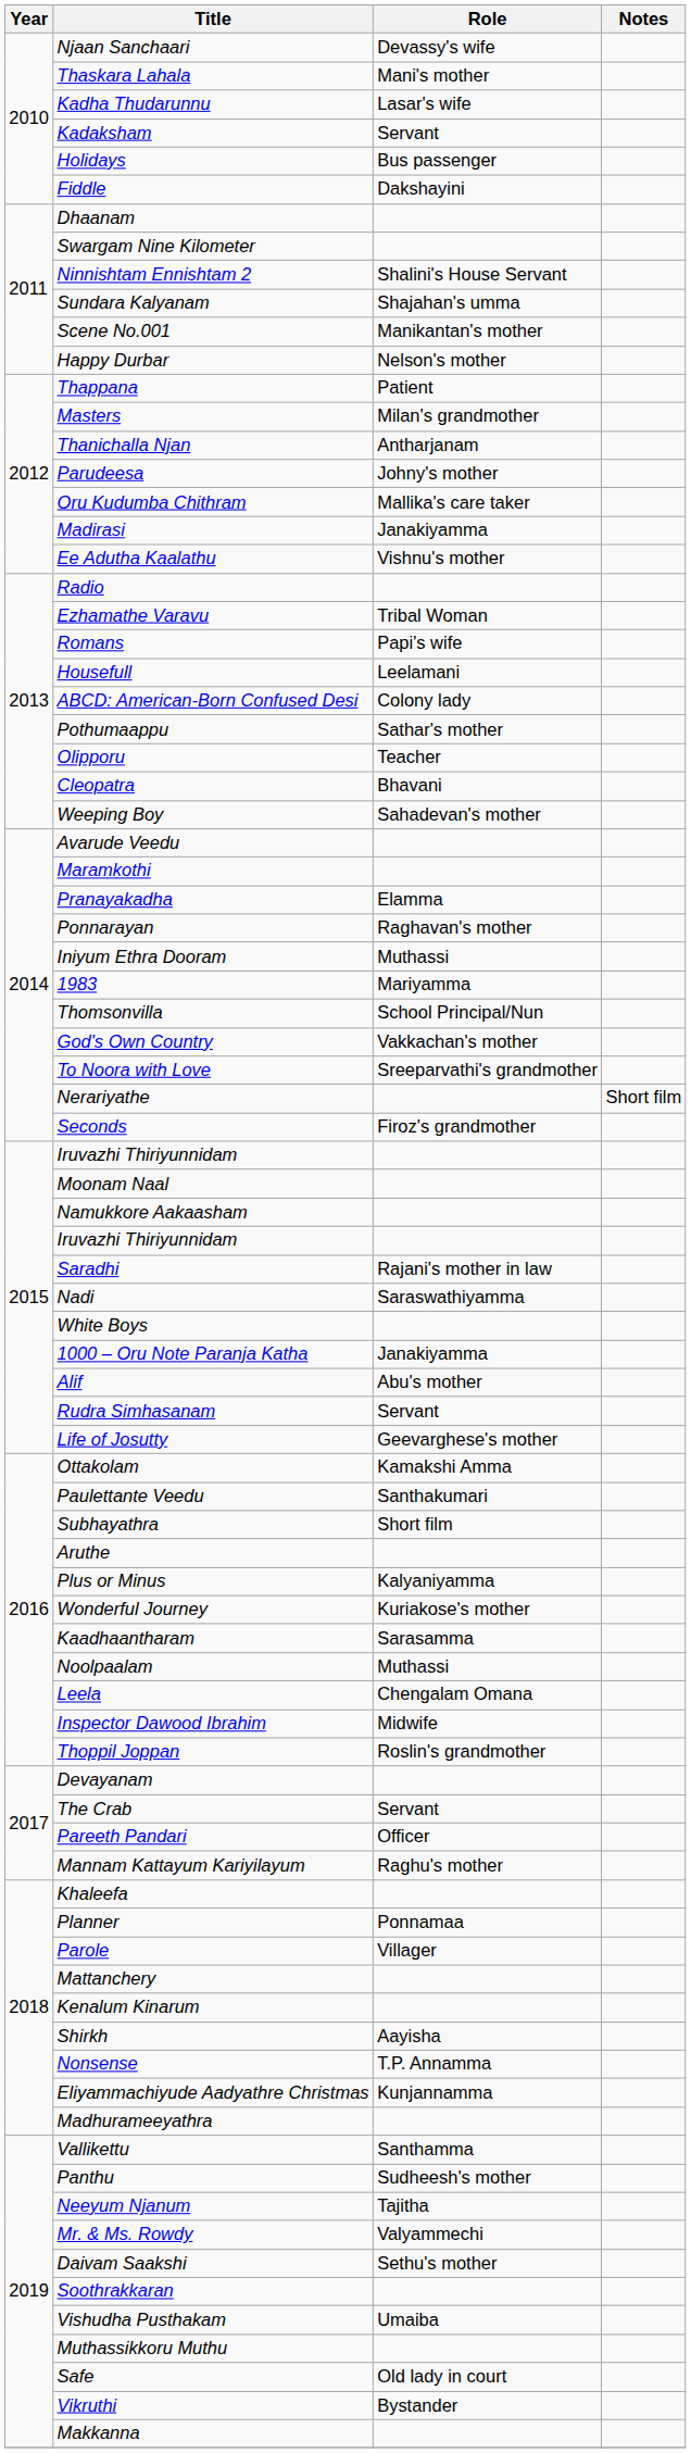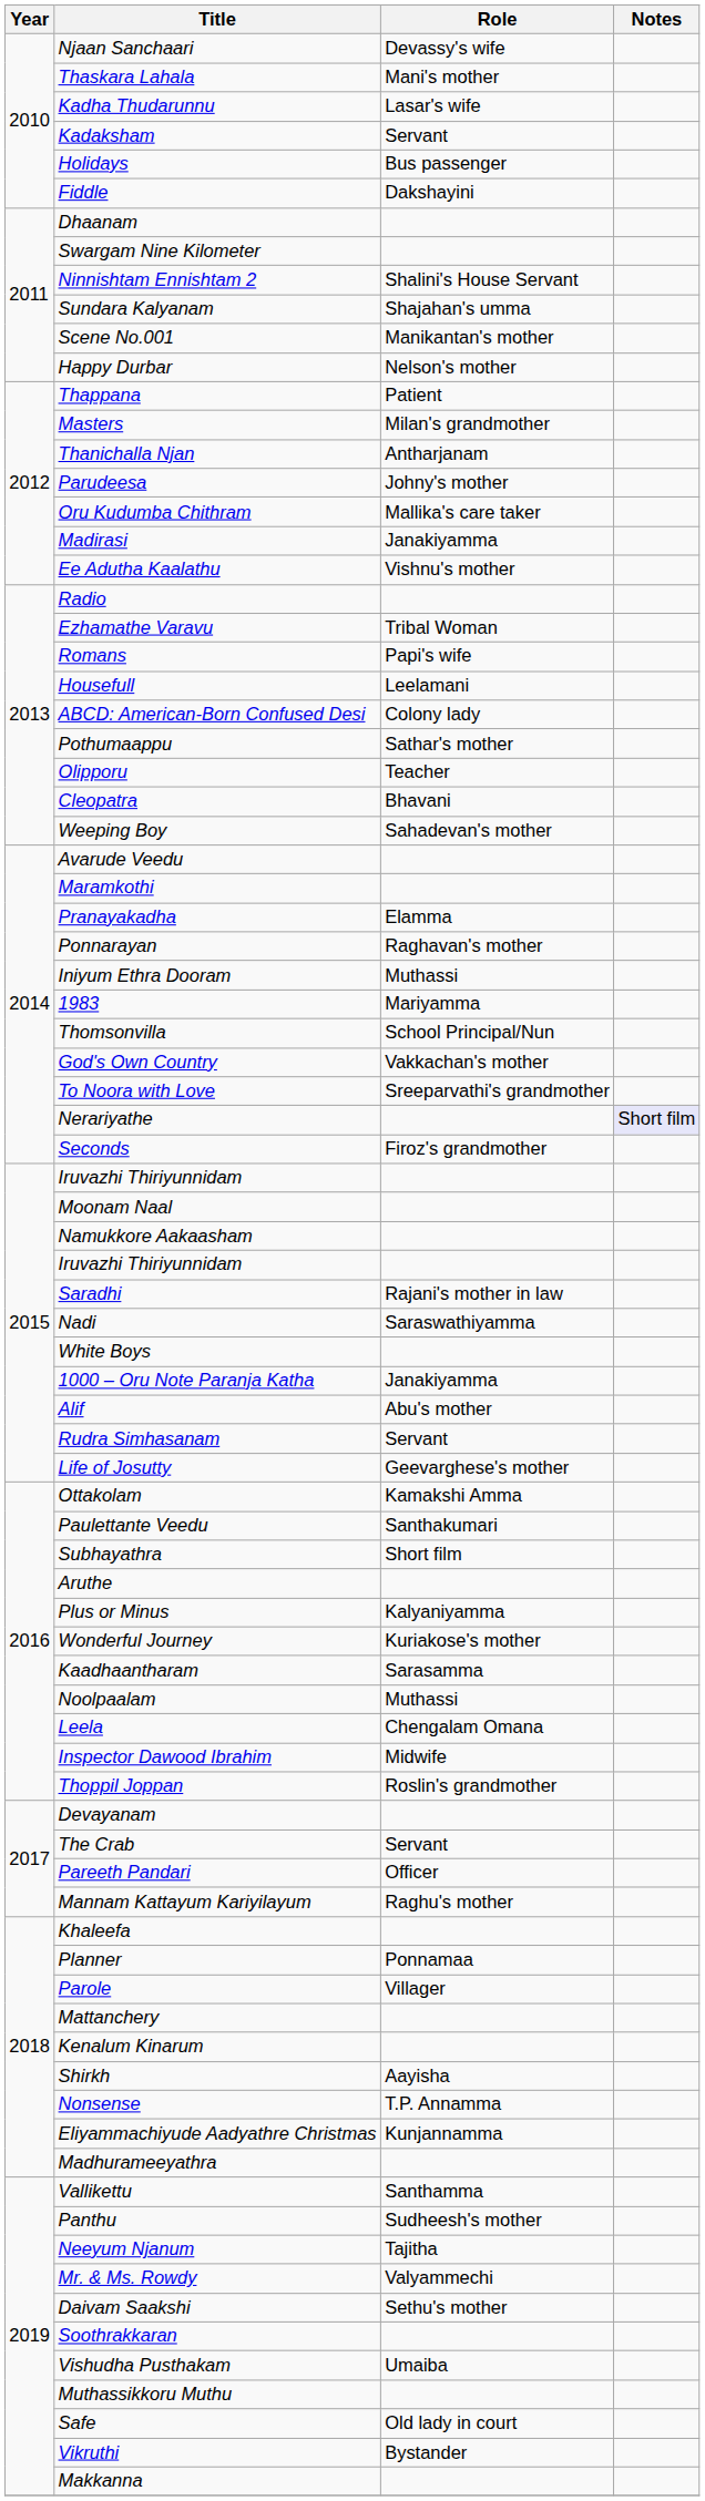 <table class="wikitable sortable">
 <tr>
 <th>Year</th>
 <th>Title</th>
 <th>Role</th>
 <th class="unsortable">Notes</th>
 </tr>
 <tr>
 <td rowspan=6>2010</td>
 <td><em>Njaan Sanchaari</em></td>
 <td>Devassy's wife</td>
 <td></td>
 </tr>
 <tr>
 <td><em><a href='#'>Thaskara Lahala</a></em></td>
 <td>Mani's mother</td>
 <td></td>
 </tr>
 <tr>
 <td><em><a href='#'>Kadha Thudarunnu</a></em></td>
 <td>Lasar's wife</td>
 <td></td>
 </tr>
 <tr>
 <td><em><a href='#'>Kadaksham</a></em></td>
 <td>Servant</td>
 <td></td>
 </tr>
 <tr>
 <td><em><a href='#'>Holidays</a></em></td>
 <td>Bus passenger</td>
 <td></td>
 </tr>
 <tr>
 <td><em><a href='#'>Fiddle</a></em></td>
 <td>Dakshayini</td>
 <td></td>
 </tr>
 <tr>
 <td rowspan=6>2011</td>
 <td><em>Dhaanam</em></td>
 <td></td>
 <td></td>
 </tr>
 <tr>
 <td><em>Swargam Nine Kilometer</em></td>
 <td></td>
 <td></td>
 </tr>
 <tr>
 <td><em><a href='#'>Ninnishtam Ennishtam 2</a></em></td>
 <td>Shalini's House Servant</td>
 <td></td>
 </tr>
 <tr>
 <td><em>Sundara Kalyanam</em></td>
 <td>Shajahan's umma</td>
 <td></td>
 </tr>
 <tr>
 <td><em>Scene No.001</em></td>
 <td>Manikantan's mother</td>
 <td></td>
 </tr>
 <tr>
 <td><em>Happy Durbar</em></td>
 <td>Nelson's mother</td>
 <td></td>
 </tr>
 <tr>
 <td rowspan=7>2012</td>
 <td><em><a href='#'>Thappana</a></em></td>
 <td>Patient</td>
 <td></td>
 </tr>
 <tr>
 <td><em><a href='#'>Masters</a></em></td>
 <td>Milan's grandmother</td>
 <td></td>
 </tr>
 <tr>
 <td><em><a href='#'>Thanichalla Njan</a></em></td>
 <td>Antharjanam</td>
 <td></td>
 </tr>
 <tr>
 <td><em><a href='#'>Parudeesa</a></em></td>
 <td>Johny's mother</td>
 <td></td>
 </tr>
 <tr>
 <td><em><a href='#'>Oru Kudumba Chithram</a></em></td>
 <td>Mallika's care taker</td>
 <td></td>
 </tr>
 <tr>
 <td><em><a href='#'>Madirasi</a></em></td>
 <td>Janakiyamma</td>
 <td></td>
 </tr>
 <tr>
 <td><em><a href='#'>Ee Adutha Kaalathu</a></em></td>
 <td>Vishnu's mother</td>
 <td></td>
 </tr>
 <tr>
 <td rowspan=9>2013</td>
 <td><em><a href='#'>Radio</a></em></td>
 <td></td>
 <td></td>
 </tr>
 <tr>
 <td><em><a href='#'>Ezhamathe Varavu</a></em></td>
 <td>Tribal Woman</td>
 <td></td>
 </tr>
 <tr>
 <td><em><a href='#'>Romans</a></em></td>
 <td>Papi's wife</td>
 <td></td>
 </tr>
 <tr>
 <td><em><a href='#'>Housefull</a></em></td>
 <td>Leelamani</td>
 <td></td>
 </tr>
 <tr>
 <td><em><a href='#'>ABCD: American-Born Confused Desi</a></em></td>
 <td>Colony lady</td>
 <td></td>
 </tr>
 <tr>
 <td><em>Pothumaappu</em></td>
 <td>Sathar's mother</td>
 <td></td>
 </tr>
 <tr>
 <td><em><a href='#'>Olipporu</a></em></td>
 <td>Teacher</td>
 <td></td>
 </tr>
 <tr>
 <td><em><a href='#'>Cleopatra</a></em></td>
 <td>Bhavani</td>
 <td></td>
 </tr>
 <tr>
 <td><em>Weeping Boy</em></td>
 <td>Sahadevan's mother</td>
 <td></td>
 </tr>
 <tr>
 <td rowspan=11>2014</td>
 <td><em>Avarude Veedu</em></td>
 <td></td>
 <td></td>
 </tr>
 <tr>
 <td><em><a href='#'>Maramkothi</a></em></td>
 <td></td>
 <td></td>
 </tr>
 <tr>
 <td><em><a href='#'>Pranayakadha</a></em></td>
 <td>Elamma</td>
 <td></td>
 </tr>
 <tr>
 <td><em>Ponnarayan</em></td>
 <td>Raghavan's mother</td>
 <td></td>
 </tr>
 <tr>
 <td><em>Iniyum Ethra Dooram</em></td>
 <td>Muthassi</td>
 <td></td>
 </tr>
 <tr>
 <td><em><a href='#'>1983</a></em></td>
 <td>Mariyamma</td>
 <td></td>
 </tr>
 <tr>
 <td><em>Thomsonvilla</em></td>
 <td>School Principal/Nun</td>
 <td></td>
 </tr>
 <tr>
 <td><em><a href='#'>God's Own Country</a></em></td>
 <td>Vakkachan's mother</td>
 <td></td>
 </tr>
 <tr>
 <td><em><a href='#'>To Noora with Love</a></em></td>
 <td>Sreeparvathi's grandmother</td>
 <td></td>
 </tr>
 <tr>
 <td><em>Nerariyathe</em></td>
 <td></td>
-<td>Short film</td>
+<td style="background: lavender;">Short film</td>
 </tr>
 <tr>
 <td><em><a href='#'>Seconds</a></em></td>
 <td>Firoz's grandmother</td>
 <td></td>
 </tr>
 <tr>
 <td rowspan=11>2015</td>
 <td><em>Iruvazhi Thiriyunnidam</em></td>
 <td></td>
 <td></td>
 </tr>
 <tr>
 <td><em>Moonam Naal</em></td>
 <td></td>
 <td></td>
 </tr>
 <tr>
 <td><em>Namukkore Aakaasham</em></td>
 <td></td>
 <td></td>
 </tr>
 <tr>
 <td><em>Iruvazhi Thiriyunnidam</em></td>
 <td></td>
 <td></td>
 </tr>
 <tr>
 <td><em><a href='#'>Saradhi</a></em></td>
 <td>Rajani's mother in law</td>
 <td></td>
 </tr>
 <tr>
 <td><em>Nadi</em></td>
 <td>Saraswathiyamma</td>
 <td></td>
 </tr>
 <tr>
 <td><em>White Boys</em></td>
 <td></td>
 <td></td>
 </tr>
 <tr>
 <td><em><a href='#'>1000 – Oru Note Paranja Katha</a></em></td>
 <td>Janakiyamma</td>
 <td></td>
 </tr>
 <tr>
 <td><em><a href='#'>Alif</a></em></td>
 <td>Abu's mother</td>
 <td></td>
 </tr>
 <tr>
 <td><em><a href='#'>Rudra Simhasanam</a></em></td>
 <td>Servant</td>
 <td></td>
 </tr>
 <tr>
 <td><em><a href='#'>Life of Josutty</a></em></td>
 <td>Geevarghese's mother</td>
 <td></td>
 </tr>
 <tr>
 <td rowspan=11>2016</td>
 <td><em>Ottakolam</em></td>
 <td>Kamakshi Amma</td>
 <td></td>
 </tr>
 <tr>
 <td><em>Paulettante Veedu</em></td>
 <td>Santhakumari</td>
 <td></td>
 </tr>
 <tr>
 <td><em>Subhayathra</em></td>
 <td>Short film</td>
 <td></td>
 </tr>
 <tr>
 <td><em>Aruthe</em></td>
 <td></td>
 <td></td>
 </tr>
 <tr>
 <td><em>Plus or Minus</em></td>
 <td>Kalyaniyamma</td>
 <td></td>
 </tr>
 <tr>
 <td><em>Wonderful Journey</em></td>
 <td>Kuriakose's mother</td>
 <td></td>
 </tr>
 <tr>
 <td><em>Kaadhaantharam</em></td>
 <td>Sarasamma</td>
 <td></td>
 </tr>
 <tr>
 <td><em>Noolpaalam</em></td>
 <td>Muthassi</td>
 <td></td>
 </tr>
 <tr>
 <td><em><a href='#'>Leela</a></em></td>
 <td>Chengalam Omana</td>
 <td></td>
 </tr>
 <tr>
 <td><em><a href='#'>Inspector Dawood Ibrahim</a></em></td>
 <td>Midwife</td>
 <td></td>
 </tr>
 <tr>
 <td><em><a href='#'>Thoppil Joppan</a></em></td>
 <td>Roslin's grandmother</td>
 <td></td>
 </tr>
 <tr>
 <td rowspan=4>2017</td>
 <td><em>Devayanam</em></td>
 <td></td>
 <td></td>
 </tr>
 <tr>
 <td><em>The Crab</em></td>
 <td>Servant</td>
 <td></td>
 </tr>
 <tr>
 <td><em><a href='#'>Pareeth Pandari</a></em></td>
 <td>Officer</td>
 <td></td>
 </tr>
 <tr>
 <td><em>Mannam Kattayum Kariyilayum</em></td>
 <td>Raghu's mother</td>
 <td></td>
 </tr>
 <tr>
 <td rowspan=9>2018</td>
 <td><em>Khaleefa</em></td>
 <td></td>
 <td></td>
 </tr>
 <tr>
 <td><em>Planner</em></td>
 <td>Ponnamaa</td>
 <td></td>
 </tr>
 <tr>
 <td><em><a href='#'>Parole</a></em></td>
 <td>Villager</td>
 <td></td>
 </tr>
 <tr>
 <td><em>Mattanchery</em></td>
 <td></td>
 <td></td>
 </tr>
 <tr>
 <td><em>Kenalum Kinarum</em></td>
 <td></td>
 <td></td>
 </tr>
 <tr>
 <td><em>Shirkh</em></td>
 <td>Aayisha</td>
 <td></td>
 </tr>
 <tr>
 <td><em><a href='#'>Nonsense</a></em></td>
 <td>T.P. Annamma</td>
 <td></td>
 </tr>
 <tr>
 <td><em>Eliyammachiyude Aadyathre Christmas</em></td>
 <td>Kunjannamma</td>
 <td></td>
 </tr>
 <tr>
 <td><em>Madhurameeyathra</em></td>
 <td></td>
 <td></td>
 </tr>
 <tr>
 <td rowspan=11>2019</td>
 <td><em>Vallikettu</em></td>
 <td>Santhamma</td>
 <td></td>
 </tr>
 <tr>
 <td><em>Panthu</em></td>
 <td>Sudheesh's mother</td>
 <td></td>
 </tr>
 <tr>
 <td><em><a href='#'>Neeyum Njanum</a></em></td>
 <td>Tajitha</td>
 <td></td>
 </tr>
 <tr>
 <td><em><a href='#'>Mr. & Ms. Rowdy</a></em></td>
 <td>Valyammechi</td>
 <td></td>
 </tr>
 <tr>
 <td><em>Daivam Saakshi</em></td>
 <td>Sethu's mother</td>
 <td></td>
 </tr>
 <tr>
 <td><em><a href='#'>Soothrakkaran</a></em></td>
 <td></td>
 <td></td>
 </tr>
 <tr>
 <td><em>Vishudha Pusthakam</em></td>
 <td>Umaiba</td>
 <td></td>
 </tr>
 <tr>
 <td><em>Muthassikkoru Muthu</em></td>
 <td></td>
 <td></td>
 </tr>
 <tr>
 <td><em>Safe</em></td>
 <td>Old lady in court</td>
 <td></td>
 </tr>
 <tr>
 <td><em><a href='#'>Vikruthi</a></em></td>
 <td>Bystander</td>
 <td></td>
 </tr>
 <tr>
 <td><em>Makkanna</em></td>
 <td></td>
 <td></td>
 </tr>
 <tr>
 </tr>
 </table>
